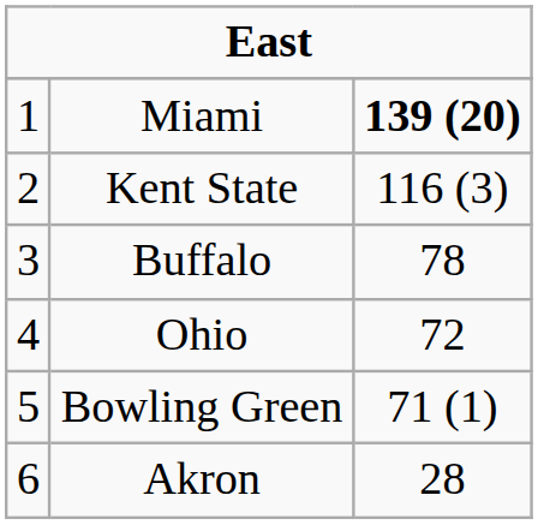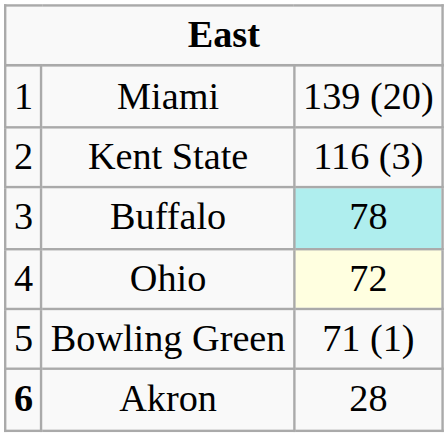 <table class="wikitable" style="display: inline-table;">
 <tr align="center">
 <td align="center" Colspan="3"><strong>East</strong></td>
 </tr>
 <tr align="center">
 </tr>
 <tr align="center">
 <td>1</td>
 <td>Miami</td>
-<td><strong>139 (20)</strong></td>
+<td>139 (20)</td>
 </tr>
 <tr align="center">
 <td>2</td>
 <td>Kent State</td>
 <td>116 (3)</td>
 </tr>
 <tr align="center">
 <td>3</td>
 <td>Buffalo</td>
-<td>78</td>
+<td style="background: paleturquoise;">78</td>
 </tr>
 <tr align="center">
 <td>4</td>
 <td>Ohio</td>
-<td>72</td>
+<td style="background: lightyellow;">72</td>
 </tr>
 <tr align="center">
 <td>5</td>
 <td>Bowling Green</td>
 <td>71 (1)</td>
 </tr>
 <tr align="center">
-<td>6</td>
+<td><strong>6</strong></td>
 <td>Akron</td>
 <td>28</td>
 </tr>
 </table>
